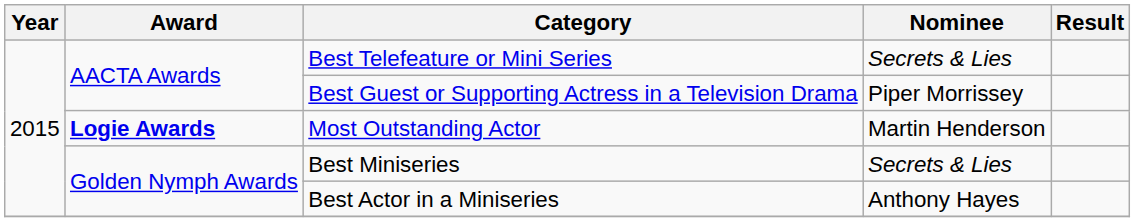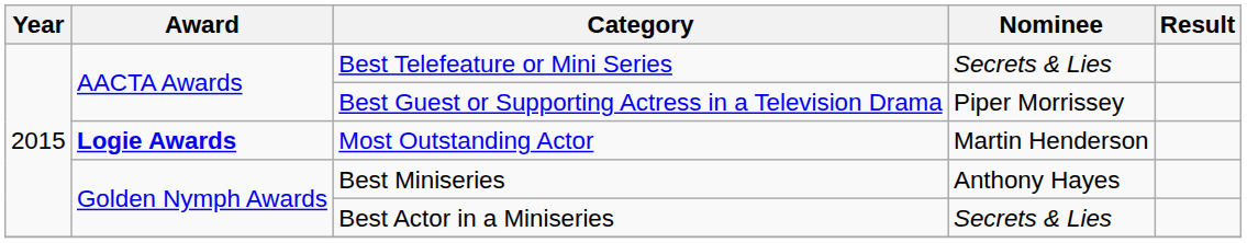 <table class="wikitable plainrowheaders" style="font-size: 95%;">
 <tr>
 <th scope="col">Year</th>
 <th scope="col">Award</th>
 <th scope="col">Category</th>
 <th scope="col">Nominee</th>
 <th scope="col">Result</th>
 </tr>
 <tr>
 <td rowspan="5">2015</td>
 <td rowspan="2"><a href='#'>AACTA Awards</a></td>
 <td><a href='#'>Best Telefeature or Mini Series</a></td>
 <td><em>Secrets & Lies</em></td>
 <td></td>
 </tr>
 <tr>
 <td><a href='#'>Best Guest or Supporting Actress in a Television Drama</a></td>
 <td>Piper Morrissey</td>
 <td></td>
 </tr>
 <tr>
 <td><strong><a href='#'>Logie Awards</a></strong></td>
 <td><a href='#'>Most Outstanding Actor</a></td>
 <td>Martin Henderson</td>
 <td></td>
 </tr>
 <tr>
 <td rowspan="2"><a href='#'>Golden Nymph Awards</a></td>
 <td>Best Miniseries</td>
-<td><em>Secrets & Lies</em></td>
+<td>Anthony Hayes</td>
 <td></td>
 </tr>
 <tr>
 <td>Best Actor in a Miniseries</td>
-<td>Anthony Hayes</td>
+<td><em>Secrets & Lies</em></td>
 <td></td>
 </tr>
 <tr>
 </tr>
 </table>
